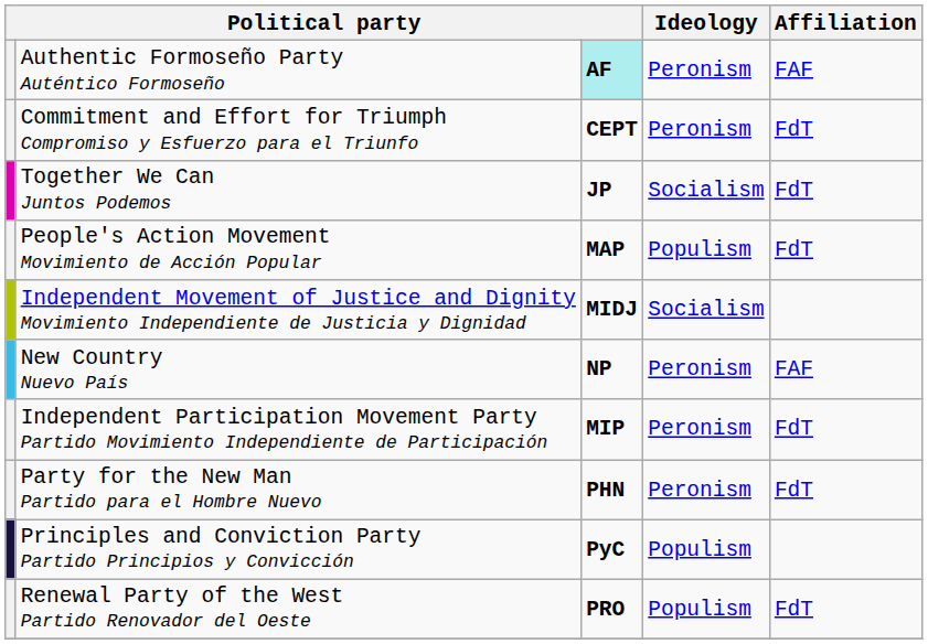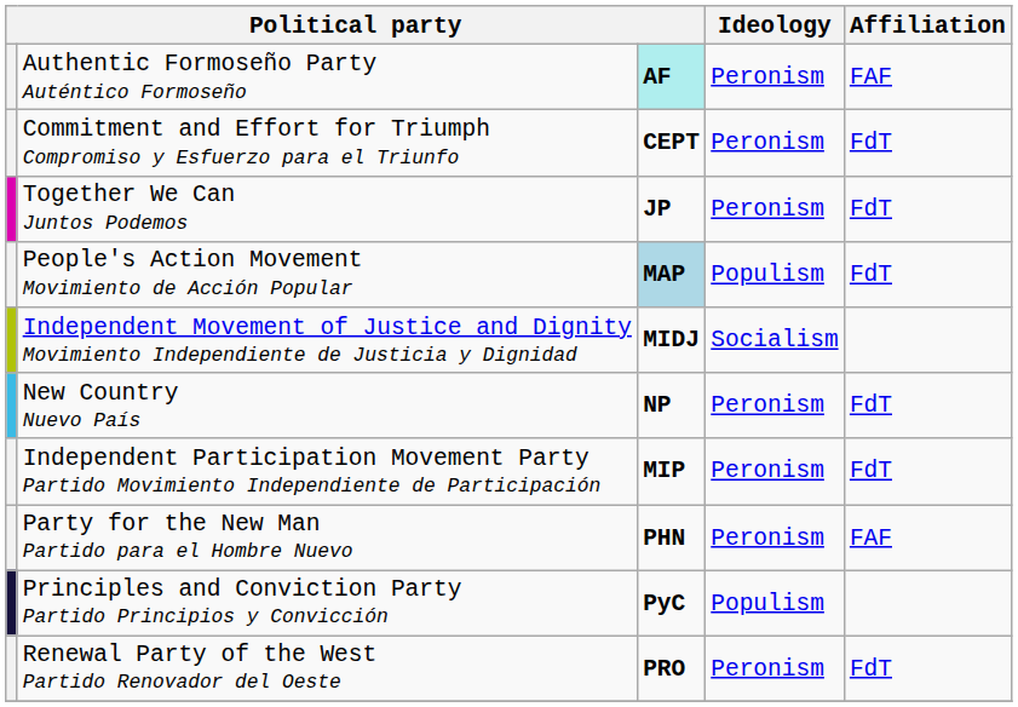 <table class="wikitable">
 <tr>
 <th colspan=3>Political party</th>
 <th>Ideology</th>
 <th>Affiliation</th>
 </tr>
 <tr>
 <th style="background:"></th>
 <td>Authentic Formoseño Party<br><small><em>Auténtico Formoseño</em></small></td>
 <td style="background: paleturquoise;"><strong>AF</strong></td>
 <td><a href='#'>Peronism</a></td>
 <td><a href='#'>FAF</a></td>
 </tr>
 <tr>
 <th style="background:"></th>
 <td>Commitment and Effort for Triumph<br><small><em>Compromiso y Esfuerzo para el Triunfo</em></small></td>
 <td><strong>CEPT</strong></td>
 <td><a href='#'>Peronism</a></td>
 <td><a href='#'>FdT</a></td>
 </tr>
 <tr>
 <th style="background:#dc01af;"></th>
 <td>Together We Can<br><small><em>Juntos Podemos</em></small></td>
 <td><strong>JP</strong></td>
-<td><a href='#'>Socialism</a></td>
+<td><a href='#'>Peronism</a></td>
 <td><a href='#'>FdT</a></td>
 </tr>
 <tr>
 <th style="background:"></th>
 <td>People's Action Movement<br><small><em>Movimiento de Acción Popular</em></small></td>
-<td><strong>MAP</strong></td>
+<td style="background: lightblue;"><strong>MAP</strong></td>
 <td><a href='#'>Populism</a></td>
 <td><a href='#'>FdT</a></td>
 </tr>
 <tr>
 <th style="background:#b0c306;"></th>
 <td><a href='#'>Independent Movement of Justice and Dignity</a><br><small><em>Movimiento Independiente de Justicia y Dignidad</em></small></td>
 <td><strong>MIDJ</strong></td>
 <td><a href='#'>Socialism</a></td>
 <td></td>
 </tr>
 <tr>
 <th style="background:#3abbe5;"></th>
 <td>New Country<br><small><em>Nuevo País</em></small></td>
 <td><strong>NP</strong></td>
 <td><a href='#'>Peronism</a></td>
-<td><a href='#'>FAF</a></td>
+<td><a href='#'>FdT</a></td>
 </tr>
 <tr>
 <th style="background:"></th>
 <td>Independent Participation Movement Party<br><small><em>Partido Movimiento Independiente de Participación</em></small></td>
 <td><strong>MIP</strong></td>
 <td><a href='#'>Peronism</a></td>
 <td><a href='#'>FdT</a></td>
 </tr>
 <tr>
 <th style="background:"></th>
 <td>Party for the New Man<br><small><em>Partido para el Hombre Nuevo</em></small></td>
 <td><strong>PHN</strong></td>
 <td><a href='#'>Peronism</a></td>
-<td><a href='#'>FdT</a></td>
+<td><a href='#'>FAF</a></td>
 </tr>
 <tr>
 <th style="background:#16113d;"></th>
 <td>Principles and Conviction Party<br><small><em>Partido Principios y Convicción</em></small></td>
 <td><strong>PyC</strong></td>
 <td><a href='#'>Populism</a></td>
 <td></td>
 </tr>
 <tr>
 <th style="background:"></th>
 <td>Renewal Party of the West<br><small><em>Partido Renovador del Oeste</em></small></td>
 <td><strong>PRO</strong></td>
-<td><a href='#'>Populism</a></td>
+<td><a href='#'>Peronism</a></td>
 <td><a href='#'>FdT</a></td>
 </tr>
 <tr>
 </tr>
 </table>
